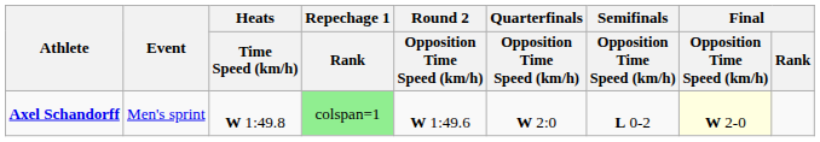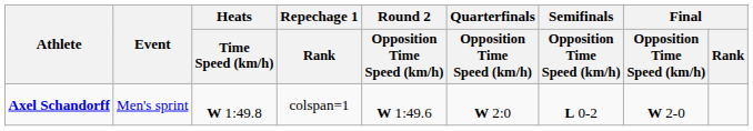 <table class="wikitable" style="font-size:90%">
 <tr>
 <th rowspan="2">Athlete</th>
 <th rowspan="2">Event</th>
 <th>Heats</th>
 <th>Repechage 1</th>
 <th>Round 2</th>
 <th>Quarterfinals</th>
 <th>Semifinals</th>
 <th colspan=2>Final</th>
 </tr>
 <tr style="font-size:95%">
 <th>Time<br>Speed (km/h)</th>
 <th>Rank</th>
 <th>Opposition<br>Time<br>Speed (km/h)</th>
 <th>Opposition<br>Time<br>Speed (km/h)</th>
 <th>Opposition<br>Time<br>Speed (km/h)</th>
 <th>Opposition<br>Time<br>Speed (km/h)</th>
 <th>Rank</th>
 </tr>
 <tr align=center>
 <td align=left><strong><a href='#'>Axel Schandorff</a></strong></td>
 <td align=left><a href='#'>Men's sprint</a></td>
 <td><br><strong>W</strong> 1:49.8</td>
-<td style="background: lightgreen;">colspan=1 </td>
+<td>colspan=1 </td>
 <td><br><strong>W</strong> 1:49.6</td>
 <td><br><strong>W</strong> 2:0</td>
 <td><br><strong>L</strong> 0-2</td>
-<td style="background: lightyellow;"><br><strong>W</strong> 2-0</td>
+<td><br><strong>W</strong> 2-0</td>
 <td></td>
 </tr>
 </table>
